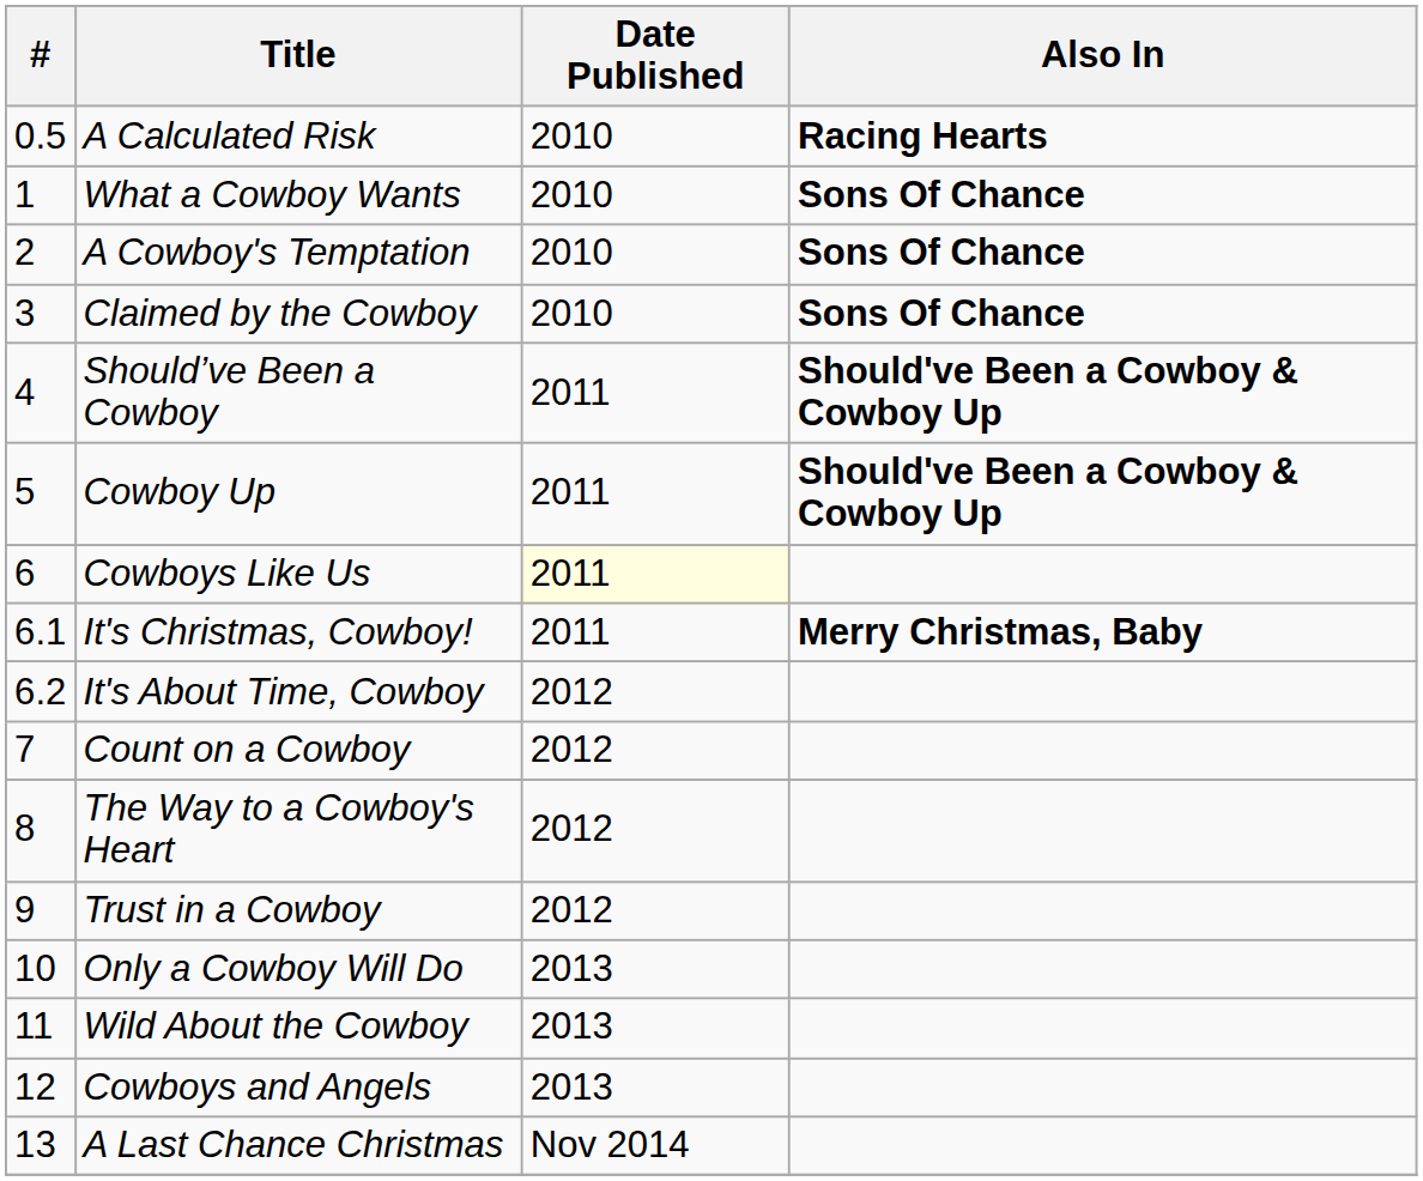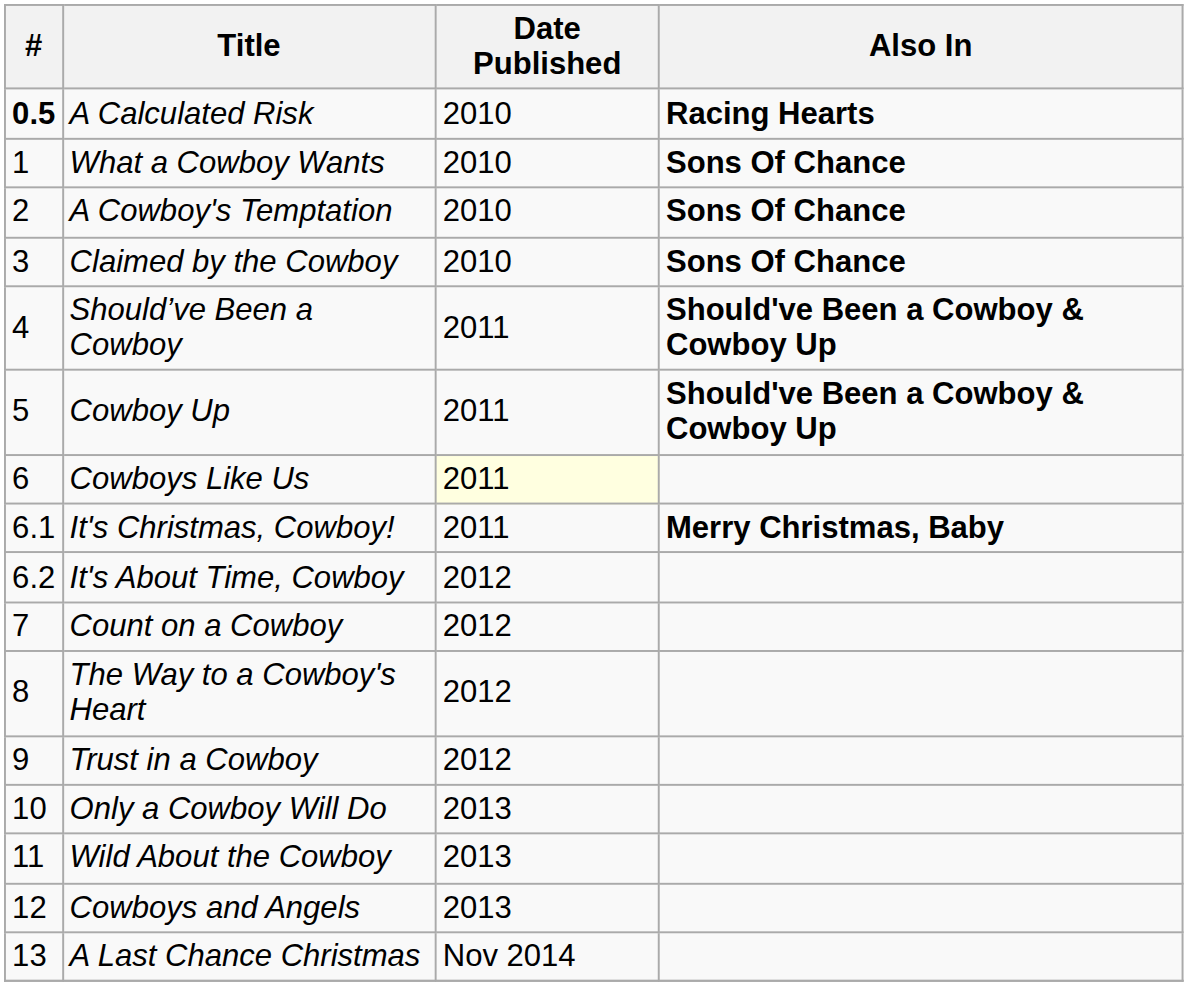 <table class="wikitable">
 <tr>
 <th>#</th>
 <th>Title</th>
 <th>Date Published</th>
 <th>Also In</th>
 </tr>
 <tr>
-<td>0.5</td>
+<td><strong>0.5</strong></td>
 <td><em>A Calculated Risk</em></td>
 <td>2010</td>
 <td><strong>Racing Hearts</strong></td>
 </tr>
 <tr>
 <td>1</td>
 <td><em>What a Cowboy Wants</em></td>
 <td>2010</td>
 <td><strong>Sons Of Chance</strong></td>
 </tr>
 <tr>
 <td>2</td>
 <td><em>A Cowboy's Temptation</em></td>
 <td>2010</td>
 <td><strong>Sons Of Chance</strong></td>
 </tr>
 <tr>
 <td>3</td>
 <td><em>Claimed by the Cowboy</em></td>
 <td>2010</td>
 <td><strong>Sons Of Chance</strong></td>
 </tr>
 <tr>
 <td>4</td>
 <td><em>Should’ve Been a Cowboy</em></td>
 <td>2011</td>
 <td><strong>Should've Been a Cowboy & Cowboy Up</strong></td>
 </tr>
 <tr>
 <td>5</td>
 <td><em>Cowboy Up</em></td>
 <td>2011</td>
 <td><strong>Should've Been a Cowboy & Cowboy Up</strong></td>
 </tr>
 <tr>
 <td>6</td>
 <td><em>Cowboys Like Us</em></td>
 <td style="background: lightyellow;">2011</td>
 <td></td>
 </tr>
 <tr>
 <td>6.1</td>
 <td><em>It's Christmas, Cowboy!</em></td>
 <td>2011</td>
 <td><strong>Merry Christmas, Baby</strong></td>
 </tr>
 <tr>
 <td>6.2</td>
 <td><em>It's About Time, Cowboy</em></td>
 <td>2012</td>
 <td></td>
 </tr>
 <tr>
 <td>7</td>
 <td><em>Count on a Cowboy</em></td>
 <td>2012</td>
 <td></td>
 </tr>
 <tr>
 <td>8</td>
 <td><em>The Way to a Cowboy's Heart</em></td>
 <td>2012</td>
 <td></td>
 </tr>
 <tr>
 <td>9</td>
 <td><em>Trust in a Cowboy</em></td>
 <td>2012</td>
 <td></td>
 </tr>
 <tr>
 <td>10</td>
 <td><em>Only a Cowboy Will Do</em></td>
 <td>2013</td>
 <td></td>
 </tr>
 <tr>
 <td>11</td>
 <td><em>Wild About the Cowboy</em></td>
 <td>2013</td>
 <td></td>
 </tr>
 <tr>
 <td>12</td>
 <td><em>Cowboys and Angels</em></td>
 <td>2013</td>
 <td></td>
 </tr>
 <tr>
 <td>13</td>
 <td><em>A Last Chance Christmas</em></td>
 <td>Nov 2014</td>
 <td></td>
 </tr>
 <tr>
 </tr>
 </table>
